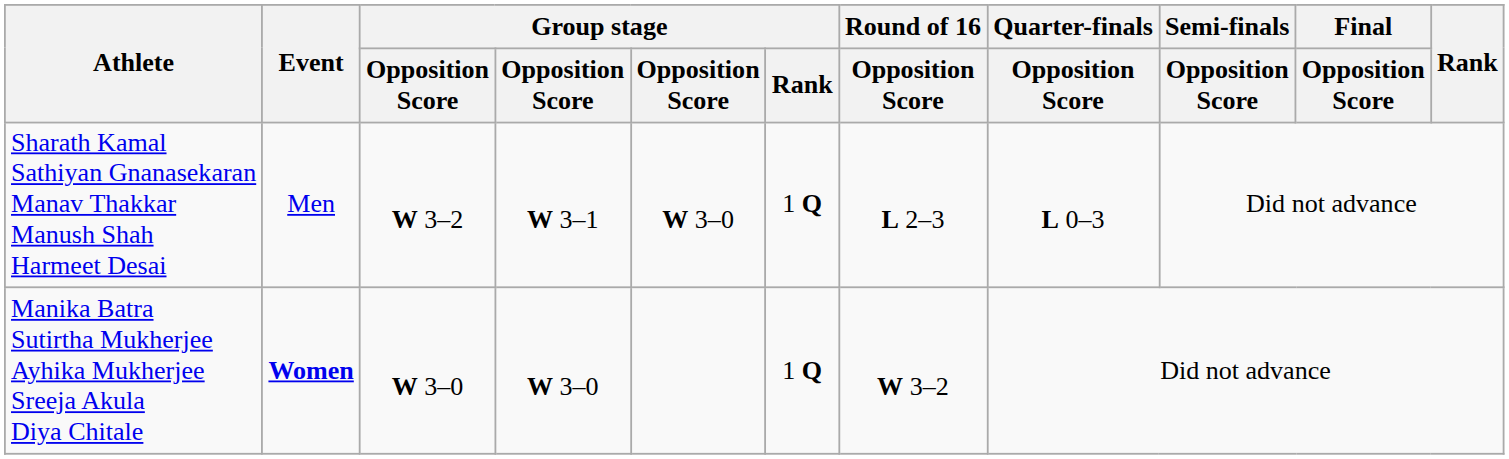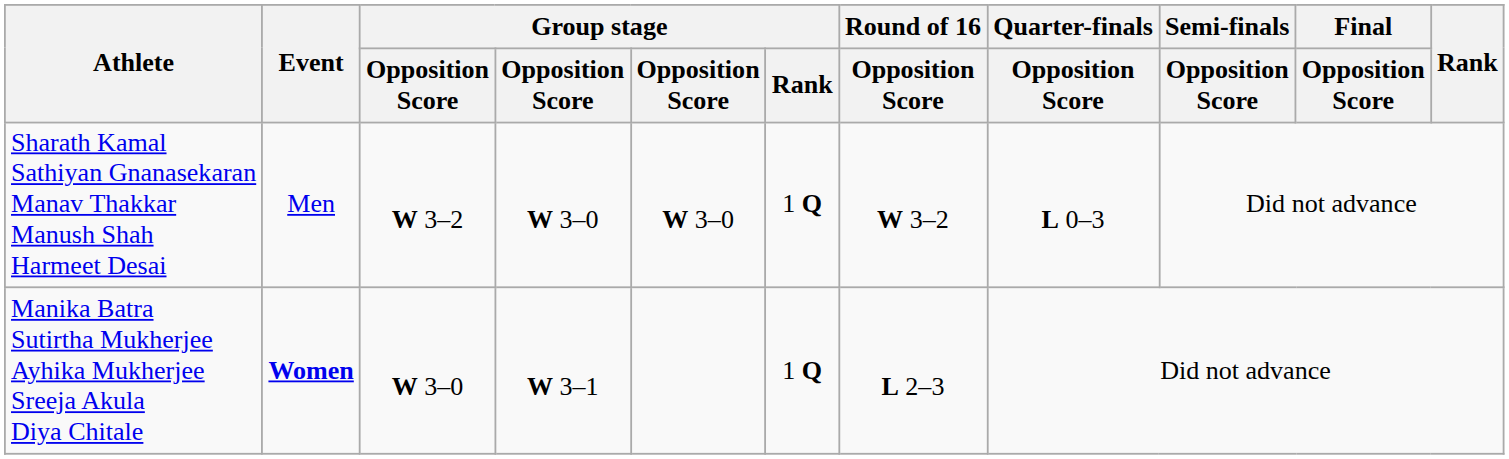 <table class=wikitable style="text-align:center; font-size:90%">
 <tr>
 <th rowspan="2">Athlete</th>
 <th rowspan=2>Event</th>
 <th colspan=4>Group stage</th>
 <th>Round of 16</th>
 <th>Quarter-finals</th>
 <th>Semi-finals</th>
 <th>Final</th>
 <th rowspan="2">Rank</th>
 </tr>
 <tr>
 <th>Opposition<br>Score</th>
 <th>Opposition<br>Score</th>
 <th>Opposition<br>Score</th>
 <th>Rank</th>
 <th>Opposition<br>Score</th>
 <th>Opposition<br>Score</th>
 <th>Opposition<br>Score</th>
 <th>Opposition<br>Score</th>
 </tr>
 <tr>
 <td align=left><a href='#'>Sharath Kamal</a><br><a href='#'>Sathiyan Gnanasekaran</a><br><a href='#'>Manav Thakkar</a><br><a href='#'>Manush Shah</a><br><a href='#'>Harmeet Desai</a></td>
 <td><a href='#'>Men</a></td>
 <td><br><strong>W</strong> 3–2</td>
-<td><br><strong>W</strong> 3–1</td>
+<td><br><strong>W</strong> 3–0</td>
 <td><br><strong>W</strong> 3–0</td>
 <td>1 <strong>Q</strong></td>
-<td><br><strong>L</strong> 2–3</td>
+<td><br><strong>W</strong> 3–2</td>
 <td><br><strong>L</strong> 0–3</td>
 <td colspan="3">Did not advance</td>
 </tr>
 <tr>
 <td align=left><a href='#'>Manika Batra</a><br><a href='#'>Sutirtha Mukherjee</a><br><a href='#'>Ayhika Mukherjee</a><br><a href='#'>Sreeja Akula</a><br><a href='#'>Diya Chitale</a></td>
 <td><strong><a href='#'>Women</a></strong></td>
 <td><br><strong>W</strong> 3–0</td>
-<td><br><strong>W</strong> 3–0</td>
+<td><br><strong>W</strong> 3–1</td>
 <td></td>
 <td>1 <strong>Q</strong></td>
-<td><br><strong>W</strong> 3–2</td>
+<td><br><strong>L</strong> 2–3</td>
 <td colspan="4">Did not advance</td>
 </tr>
 </table>
